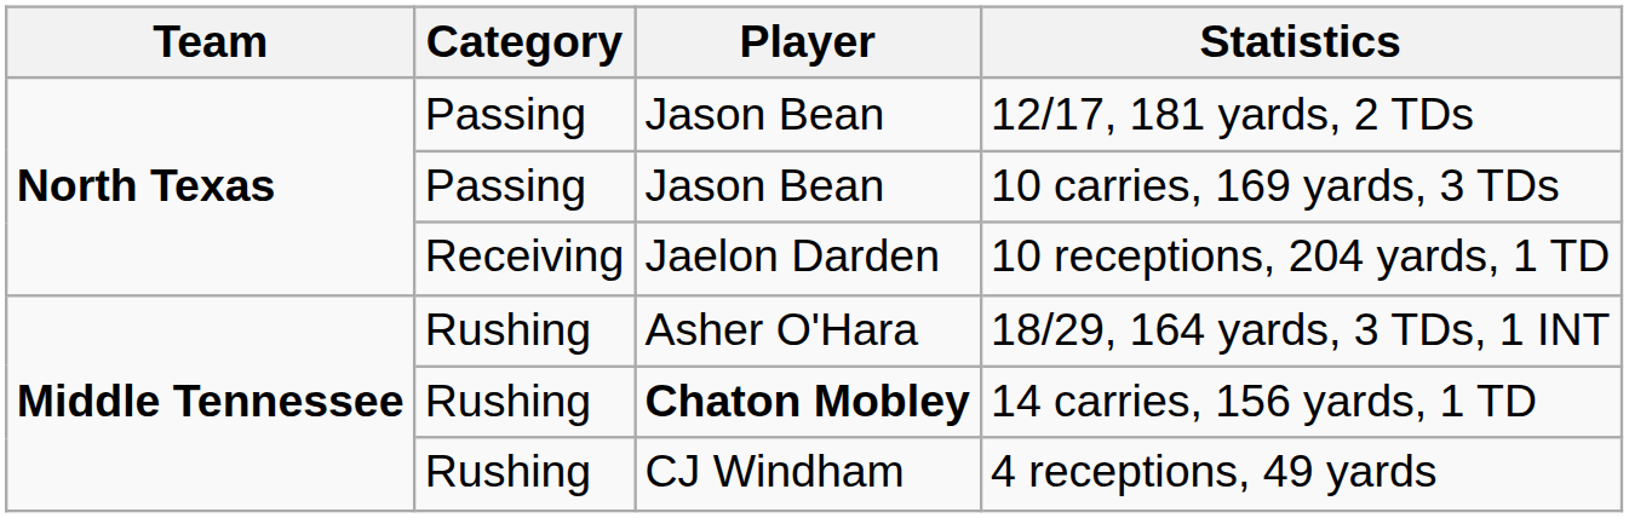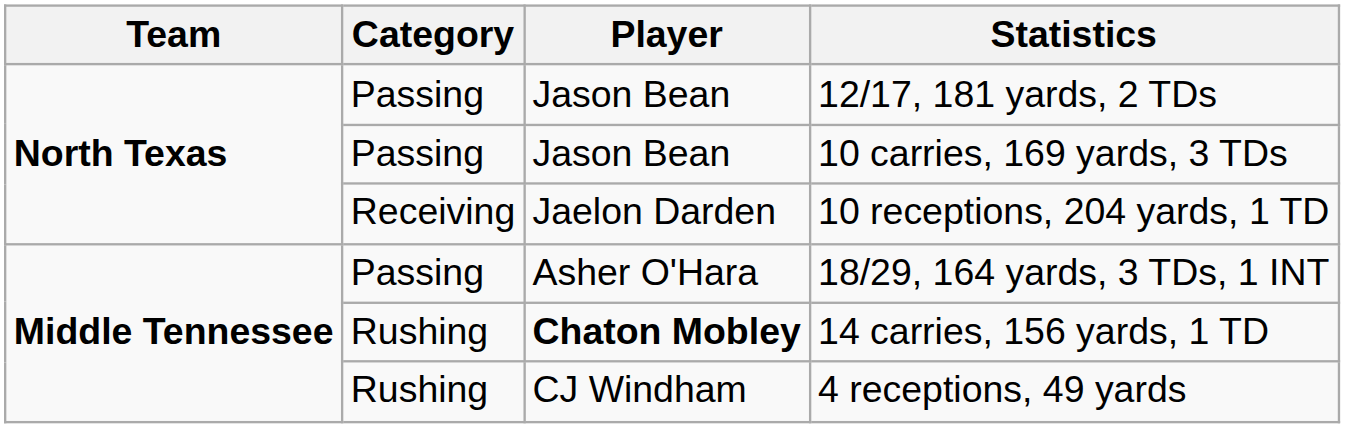 <table class="wikitable" style="float: left;">
 <tr>
 <th>Team</th>
 <th>Category</th>
 <th>Player</th>
 <th>Statistics</th>
 </tr>
 <tr>
 <td rowspan=3><strong>North Texas</strong></td>
 <td>Passing</td>
 <td>Jason Bean</td>
 <td>12/17, 181 yards, 2 TDs</td>
 </tr>
 <tr>
 <td>Passing</td>
 <td>Jason Bean</td>
 <td>10 carries, 169 yards, 3 TDs</td>
 </tr>
 <tr>
 <td>Receiving</td>
 <td>Jaelon Darden</td>
 <td>10 receptions, 204 yards, 1 TD</td>
 </tr>
 <tr>
 <td rowspan=3><strong>Middle Tennessee</strong></td>
-<td>Rushing</td>
+<td>Passing</td>
 <td>Asher O'Hara</td>
 <td>18/29, 164 yards, 3 TDs, 1 INT</td>
 </tr>
 <tr>
 <td>Rushing</td>
 <td><strong>Chaton Mobley</strong></td>
 <td>14 carries, 156 yards, 1 TD</td>
 </tr>
 <tr>
 <td>Rushing</td>
 <td>CJ Windham</td>
 <td>4 receptions, 49 yards</td>
 </tr>
 </table>
